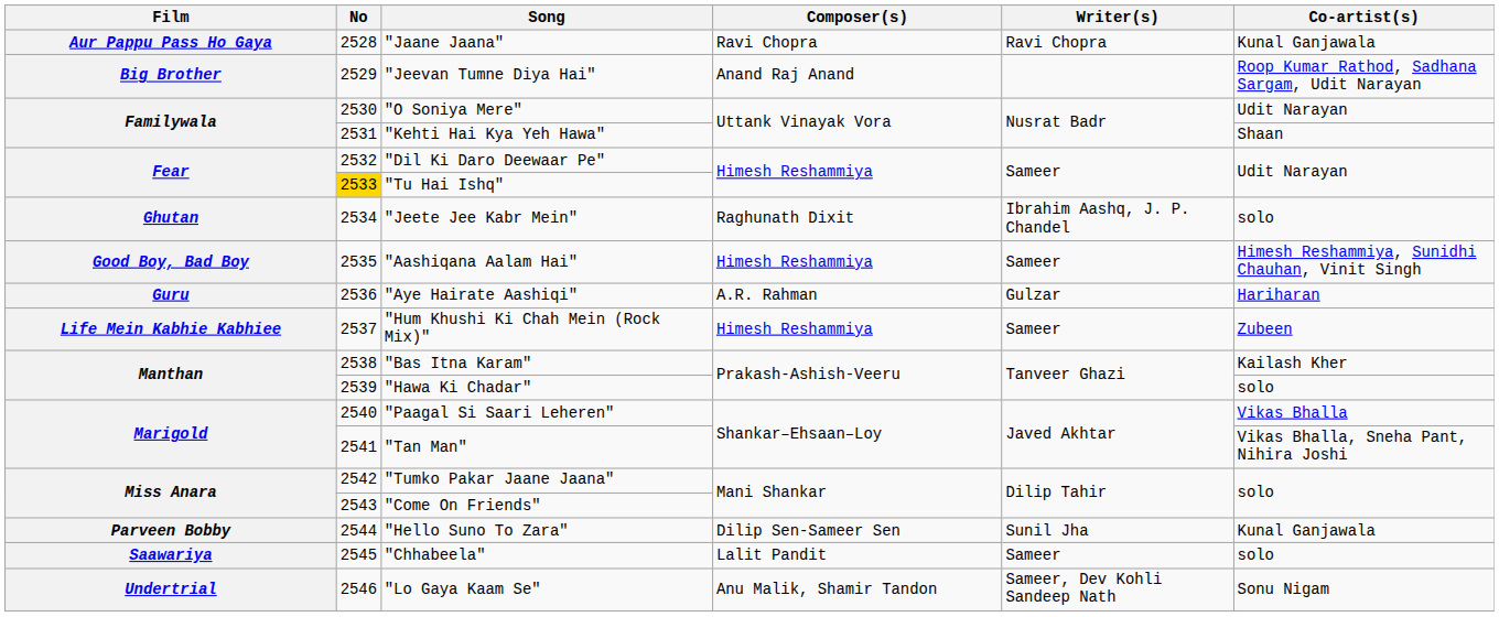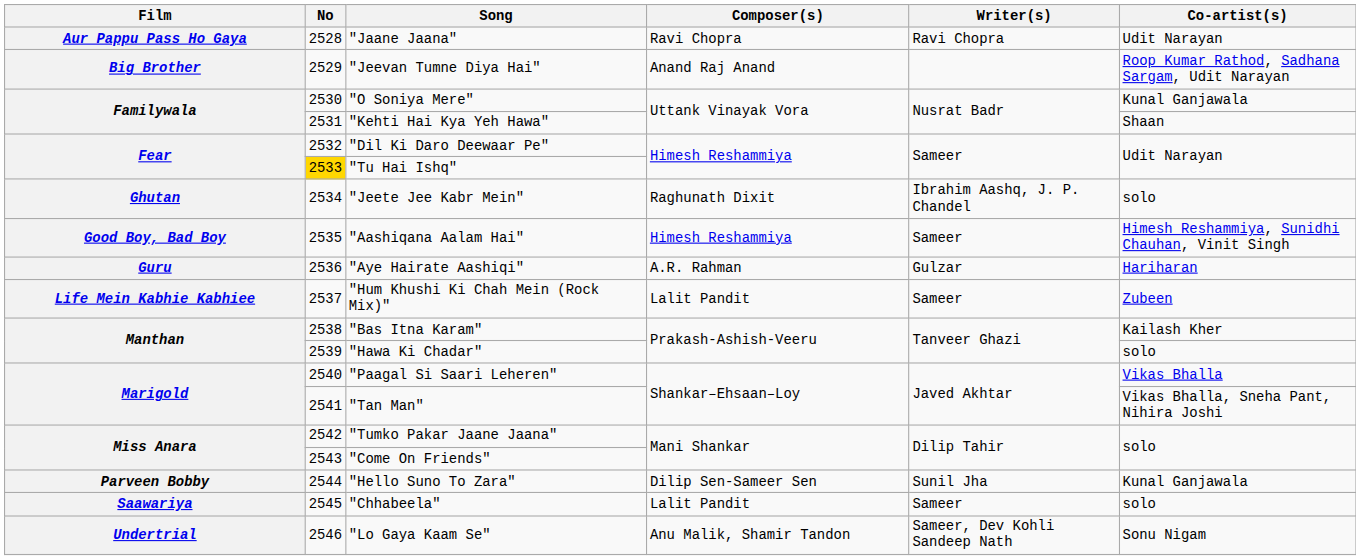 <table class="wikitable plainrowheaders" width="100%" textcolor:#000;">
 <tr style="background:#b0e0e66;">
 <th scope="col" width=23%><strong>Film</strong></th>
 <th><strong>No</strong></th>
 <th scope="col" width=23%><strong>Song</strong></th>
 <th scope="col" width=20%><strong>Composer(s)</strong></th>
 <th scope="col" width=16%><strong>Writer(s)</strong></th>
 <th scope="col" width=18%><strong>Co-artist(s)</strong></th>
 </tr>
 <tr>
 <th><em><a href='#'>Aur Pappu Pass Ho Gaya</a></em></th>
 <td>2528</td>
 <td>"Jaane Jaana"</td>
 <td>Ravi Chopra</td>
 <td>Ravi Chopra</td>
-<td>Kunal Ganjawala</td>
+<td>Udit Narayan</td>
 </tr>
 <tr>
 <th><em><a href='#'>Big Brother</a></em></th>
 <td>2529</td>
 <td>"Jeevan Tumne Diya Hai"</td>
 <td>Anand Raj Anand</td>
 <td></td>
 <td><a href='#'>Roop Kumar Rathod</a>, <a href='#'>Sadhana Sargam</a>, Udit Narayan</td>
 </tr>
 <tr>
 <th rowspan=2><em>Familywala</em></th>
 <td>2530</td>
 <td>"O Soniya Mere"</td>
 <td rowspan=2>Uttank Vinayak Vora</td>
 <td rowspan=2>Nusrat Badr</td>
-<td>Udit Narayan</td>
+<td>Kunal Ganjawala</td>
 </tr>
 <tr>
 <td>2531</td>
 <td>"Kehti Hai Kya Yeh Hawa"</td>
 <td>Shaan</td>
 </tr>
 <tr>
 <th rowspan=2><em><a href='#'>Fear</a></em></th>
 <td>2532</td>
 <td>"Dil Ki Daro Deewaar Pe"</td>
 <td rowspan=2><a href='#'>Himesh Reshammiya</a></td>
 <td rowspan=2>Sameer</td>
 <td rowspan=2>Udit Narayan</td>
 </tr>
 <tr>
 <td style="background: gold;">2533</td>
 <td>"Tu Hai Ishq"</td>
 </tr>
 <tr>
 <th><em><a href='#'>Ghutan</a></em></th>
 <td>2534</td>
 <td>"Jeete Jee Kabr Mein"</td>
 <td>Raghunath Dixit</td>
 <td>Ibrahim Aashq, J. P. Chandel</td>
 <td>solo</td>
 </tr>
 <tr>
 <th><em><a href='#'>Good Boy, Bad Boy</a></em></th>
 <td>2535</td>
 <td>"Aashiqana Aalam Hai"</td>
 <td><a href='#'>Himesh Reshammiya</a></td>
 <td>Sameer</td>
 <td><a href='#'>Himesh Reshammiya</a>, <a href='#'>Sunidhi Chauhan</a>, Vinit Singh</td>
 </tr>
 <tr>
 <th><em><a href='#'>Guru</a></em></th>
 <td>2536</td>
 <td>"Aye Hairate Aashiqi"</td>
 <td>A.R. Rahman</td>
 <td>Gulzar</td>
 <td><a href='#'>Hariharan</a></td>
 </tr>
 <tr>
 <th><em><a href='#'>Life Mein Kabhie Kabhiee</a></em></th>
 <td>2537</td>
 <td>"Hum Khushi Ki Chah Mein (Rock Mix)"</td>
-<td><a href='#'>Himesh Reshammiya</a></td>
+<td>Lalit Pandit</td>
 <td>Sameer</td>
 <td><a href='#'>Zubeen</a></td>
 </tr>
 <tr>
 <th rowspan="2"><em>Manthan</em></th>
 <td>2538</td>
 <td>"Bas Itna Karam"</td>
 <td rowspan="2">Prakash-Ashish-Veeru</td>
 <td rowspan="2">Tanveer Ghazi</td>
 <td>Kailash Kher</td>
 </tr>
 <tr>
 <td>2539</td>
 <td>"Hawa Ki Chadar"</td>
 <td>solo</td>
 </tr>
 <tr>
 <th rowspan="2"><em><a href='#'>Marigold</a></em></th>
 <td>2540</td>
 <td>"Paagal Si Saari Leheren"</td>
 <td rowspan="2">Shankar–Ehsaan–Loy</td>
 <td rowspan="2">Javed Akhtar</td>
 <td><a href='#'>Vikas Bhalla</a></td>
 </tr>
 <tr>
 <td>2541</td>
 <td>"Tan Man"</td>
 <td>Vikas Bhalla, Sneha Pant, Nihira Joshi</td>
 </tr>
 <tr>
 <th rowspan="2"><em>Miss Anara</em></th>
 <td>2542</td>
 <td>"Tumko Pakar Jaane Jaana"</td>
 <td rowspan="2">Mani Shankar</td>
 <td rowspan="2">Dilip Tahir</td>
 <td rowspan="2">solo</td>
 </tr>
 <tr>
 <td>2543</td>
 <td>"Come On Friends"</td>
 </tr>
 <tr>
 <th><em>Parveen Bobby</em></th>
 <td>2544</td>
 <td>"Hello Suno To Zara"</td>
 <td>Dilip Sen-Sameer Sen</td>
 <td>Sunil Jha</td>
 <td>Kunal Ganjawala</td>
 </tr>
 <tr>
 <th><em><a href='#'>Saawariya</a></em></th>
 <td>2545</td>
 <td>"Chhabeela"</td>
 <td>Lalit Pandit</td>
 <td>Sameer</td>
 <td>solo</td>
 </tr>
 <tr>
 <th><em><a href='#'>Undertrial</a></em></th>
 <td>2546</td>
 <td>"Lo Gaya Kaam Se"</td>
 <td>Anu Malik, Shamir Tandon</td>
 <td>Sameer, Dev Kohli  Sandeep Nath</td>
 <td>Sonu Nigam</td>
 </tr>
 <tr>
 </tr>
 </table>
